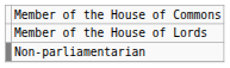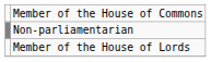 <table class="wikitable">
 <tr>
 <td style="background: "></td>
 <td>Member of the House of Commons</td>
 </tr>
 <tr>
+<td style="background: grey; width: 1px;"></td>
+<td>Non-parliamentarian</td>
+</tr>
+<tr>
 <td style="background: "></td>
 <td>Member of the House of Lords</td>
 </tr>
 <tr>
-<td style="background: grey; width: 1px;"></td>
-<td>Non-parliamentarian</td>
-</tr>
-<tr>
 </tr>
 </table>
